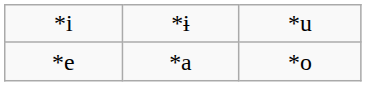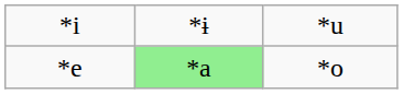 <table class="wikitable" style="width: 15em; text-align: center;">
 <tr>
 <td>*i</td>
 <td>*ɨ</td>
 <td>*u</td>
 </tr>
 <tr>
 <td>*e</td>
-<td>*a</td>
+<td style="background: lightgreen;">*a</td>
 <td>*o</td>
 </tr>
 </table>
